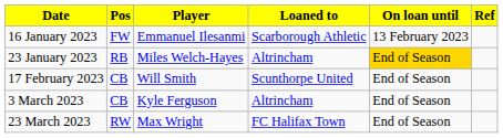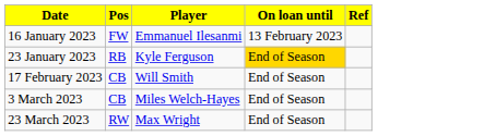 <table class="wikitable plainrowheaders sortable">
 <tr>
 <th style="background:#FFFF00; color:#000000; ">Date</th>
 <th style="background:#FFFF00; color:#000000; ">Pos</th>
 <th style="background:#FFFF00; color:#000000; ">Player</th>
-<th style="background:#FFFF00; color:#000000; ">Loaned to</th>
 <th style="background:#FFFF00; color:#000000; ">On loan until</th>
 <th style="background:#FFFF00; color:#000000; ">Ref</th>
 </tr>
 <tr>
 <td>16 January 2023</td>
 <td><a href='#'>FW</a></td>
 <td> <a href='#'>Emmanuel Ilesanmi</a></td>
-<td> <a href='#'>Scarborough Athletic</a></td>
 <td>13 February 2023</td>
 <td></td>
 </tr>
 <tr>
 <td>23 January 2023</td>
 <td><a href='#'>RB</a></td>
-<td> <a href='#'>Miles Welch-Hayes</a></td>
-<td> <a href='#'>Altrincham</a></td>
+<td> <a href='#'>Kyle Ferguson</a></td>
 <td style="background: gold;">End of Season</td>
 <td></td>
 </tr>
 <tr>
 <td>17 February 2023</td>
 <td><a href='#'>CB</a></td>
 <td> <a href='#'>Will Smith</a></td>
-<td> <a href='#'>Scunthorpe United</a></td>
 <td>End of Season</td>
 <td></td>
 </tr>
 <tr>
 <td>3 March 2023</td>
 <td><a href='#'>CB</a></td>
-<td> <a href='#'>Kyle Ferguson</a></td>
-<td> <a href='#'>Altrincham</a></td>
+<td> <a href='#'>Miles Welch-Hayes</a></td>
 <td>End of Season</td>
 <td></td>
 </tr>
 <tr>
 <td>23 March 2023</td>
 <td><a href='#'>RW</a></td>
 <td> <a href='#'>Max Wright</a></td>
-<td> <a href='#'>FC Halifax Town</a></td>
 <td>End of Season</td>
 <td></td>
 </tr>
 </table>
